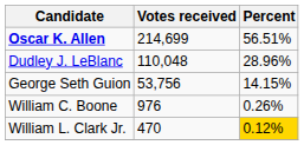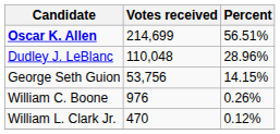 <table class="wikitable">
 <tr>
 <th>Candidate</th>
 <th>Votes received</th>
 <th>Percent</th>
 </tr>
 <tr>
 <td><strong><a href='#'>Oscar K. Allen</a></strong></td>
 <td>214,699</td>
 <td>56.51%</td>
 </tr>
 <tr>
 <td><a href='#'>Dudley J. LeBlanc</a></td>
 <td>110,048</td>
 <td>28.96%</td>
 </tr>
 <tr>
 <td>George Seth Guion</td>
 <td>53,756</td>
 <td>14.15%</td>
 </tr>
 <tr>
 <td>William C. Boone</td>
 <td>976</td>
 <td>0.26%</td>
 </tr>
 <tr>
 <td>William L. Clark Jr.</td>
 <td>470</td>
-<td style="background: gold;">0.12%</td>
+<td>0.12%</td>
 </tr>
 <tr>
 </tr>
 </table>
